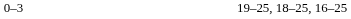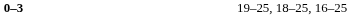 <table>
 <tr>
 <th width=200></th>
 <th width=80></th>
 <th width=200></th>
 <th width=220></th>
 </tr>
 <tr>
 <td align=right></td>
-<td>0–3</td>
+<td><strong>0–3</strong></td>
 <td><strong></strong></td>
 <td>19–25, 18–25, 16–25</td>
 </tr>
 </table>
